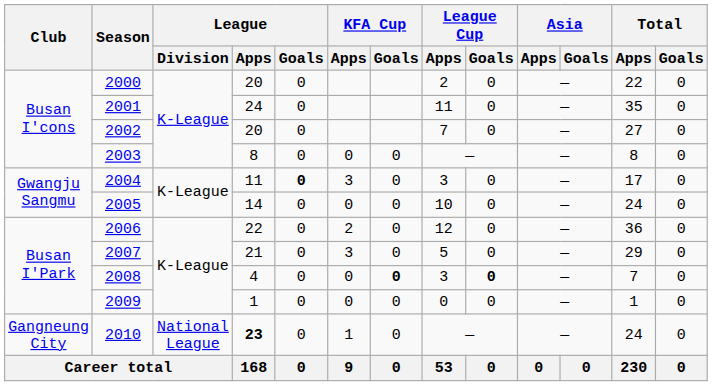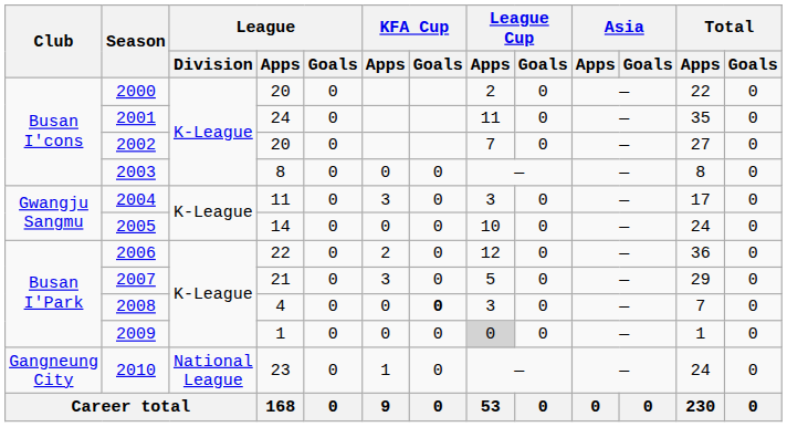 <table class="wikitable" style="text-align:center">
 <tr>
 <th rowspan="2">Club</th>
 <th rowspan="2">Season</th>
 <th colspan="3">League</th>
 <th colspan="2"><a href='#'>KFA Cup</a></th>
 <th colspan="2"><a href='#'>League Cup</a></th>
 <th colspan="2"><a href='#'>Asia</a></th>
 <th colspan="2">Total</th>
 </tr>
 <tr>
 <th>Division</th>
 <th>Apps</th>
 <th>Goals</th>
 <th>Apps</th>
 <th>Goals</th>
 <th>Apps</th>
 <th>Goals</th>
 <th>Apps</th>
 <th>Goals</th>
 <th>Apps</th>
 <th>Goals</th>
 </tr>
 <tr>
 <td rowspan="4"><a href='#'>Busan I'cons</a></td>
 <td><a href='#'>2000</a></td>
 <td rowspan="4"><a href='#'>K-League</a></td>
 <td>20</td>
 <td>0</td>
 <td></td>
 <td></td>
 <td>2</td>
 <td>0</td>
 <td colspan="2">—</td>
 <td>22</td>
 <td>0</td>
 </tr>
 <tr>
 <td><a href='#'>2001</a></td>
 <td>24</td>
 <td>0</td>
 <td></td>
 <td></td>
 <td>11</td>
 <td>0</td>
 <td colspan="2">—</td>
 <td>35</td>
 <td>0</td>
 </tr>
 <tr>
 <td><a href='#'>2002</a></td>
 <td>20</td>
 <td>0</td>
 <td></td>
 <td></td>
 <td>7</td>
 <td>0</td>
 <td colspan="2">—</td>
 <td>27</td>
 <td>0</td>
 </tr>
 <tr>
 <td><a href='#'>2003</a></td>
 <td>8</td>
 <td>0</td>
 <td>0</td>
 <td>0</td>
 <td colspan="2">—</td>
 <td colspan="2">—</td>
 <td>8</td>
 <td>0</td>
 </tr>
 <tr>
 <td rowspan="2"><a href='#'>Gwangju Sangmu</a></td>
 <td><a href='#'>2004</a></td>
 <td rowspan="2">K-League</td>
 <td>11</td>
-<td><strong>0</strong></td>
+<td>0</td>
 <td>3</td>
 <td>0</td>
 <td>3</td>
 <td>0</td>
 <td colspan="2">—</td>
 <td>17</td>
 <td>0</td>
 </tr>
 <tr>
 <td><a href='#'>2005</a></td>
 <td>14</td>
 <td>0</td>
 <td>0</td>
 <td>0</td>
 <td>10</td>
 <td>0</td>
 <td colspan="2">—</td>
 <td>24</td>
 <td>0</td>
 </tr>
 <tr>
 <td rowspan="4"><a href='#'>Busan I'Park</a></td>
 <td><a href='#'>2006</a></td>
 <td rowspan="4">K-League</td>
 <td>22</td>
 <td>0</td>
 <td>2</td>
 <td>0</td>
 <td>12</td>
 <td>0</td>
 <td colspan="2">—</td>
 <td>36</td>
 <td>0</td>
 </tr>
 <tr>
 <td><a href='#'>2007</a></td>
 <td>21</td>
 <td>0</td>
 <td>3</td>
 <td>0</td>
 <td>5</td>
 <td>0</td>
 <td colspan="2">—</td>
 <td>29</td>
 <td>0</td>
 </tr>
 <tr>
 <td><a href='#'>2008</a></td>
 <td>4</td>
 <td>0</td>
 <td>0</td>
 <td><strong>0</strong></td>
 <td>3</td>
-<td><strong>0</strong></td>
+<td>0</td>
 <td colspan="2">—</td>
 <td>7</td>
 <td>0</td>
 </tr>
 <tr>
 <td><a href='#'>2009</a></td>
 <td>1</td>
 <td>0</td>
 <td>0</td>
 <td>0</td>
-<td>0</td>
+<td style="background: lightgrey;">0</td>
 <td>0</td>
 <td colspan="2">—</td>
 <td>1</td>
 <td>0</td>
 </tr>
 <tr>
 <td><a href='#'>Gangneung City</a></td>
 <td><a href='#'>2010</a></td>
 <td><a href='#'>National League</a></td>
-<td><strong>23</strong></td>
+<td>23</td>
 <td>0</td>
 <td>1</td>
 <td>0</td>
 <td colspan="2">—</td>
 <td colspan="2">—</td>
 <td>24</td>
 <td>0</td>
 </tr>
 <tr>
 <th colspan="3">Career total</th>
 <th>168</th>
 <th>0</th>
 <th>9</th>
 <th>0</th>
 <th>53</th>
 <th>0</th>
 <th>0</th>
 <th>0</th>
 <th>230</th>
 <th>0</th>
 </tr>
 </table>
